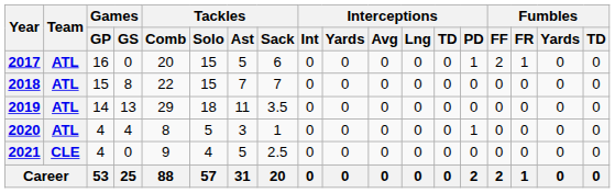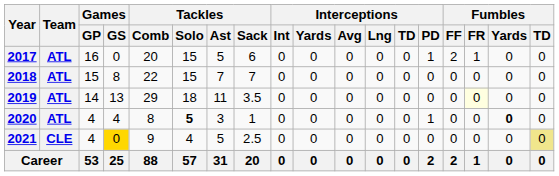 <table class="wikitable" style="text-align:center">
 <tr>
 <th rowspan="2">Year</th>
 <th rowspan="2">Team</th>
 <th colspan="2">Games</th>
 <th colspan="4">Tackles</th>
 <th colspan="6">Interceptions</th>
 <th colspan="4">Fumbles</th>
 </tr>
 <tr>
 <th>GP</th>
 <th>GS</th>
 <th>Comb</th>
 <th>Solo</th>
 <th>Ast</th>
 <th>Sack</th>
 <th>Int</th>
 <th>Yards</th>
 <th>Avg</th>
 <th>Lng</th>
 <th>TD</th>
 <th>PD</th>
 <th>FF</th>
 <th>FR</th>
 <th>Yards</th>
 <th>TD</th>
 </tr>
 <tr>
 <th><a href='#'>2017</a></th>
 <th><a href='#'>ATL</a></th>
 <td>16</td>
 <td>0</td>
 <td>20</td>
 <td>15</td>
 <td>5</td>
 <td>6</td>
 <td>0</td>
 <td>0</td>
 <td>0</td>
 <td>0</td>
 <td>0</td>
 <td>1</td>
 <td>2</td>
 <td>1</td>
 <td>0</td>
 <td>0</td>
 </tr>
 <tr>
 <th><a href='#'>2018</a></th>
 <th><a href='#'>ATL</a></th>
 <td>15</td>
 <td>8</td>
 <td>22</td>
 <td>15</td>
 <td>7</td>
 <td>7</td>
 <td>0</td>
 <td>0</td>
 <td>0</td>
 <td>0</td>
 <td>0</td>
 <td>0</td>
 <td>0</td>
 <td>0</td>
 <td>0</td>
 <td>0</td>
 </tr>
 <tr>
 <th><a href='#'>2019</a></th>
 <th><a href='#'>ATL</a></th>
 <td>14</td>
 <td>13</td>
 <td>29</td>
 <td>18</td>
 <td>11</td>
 <td>3.5</td>
 <td>0</td>
 <td>0</td>
 <td>0</td>
 <td>0</td>
 <td>0</td>
 <td>0</td>
 <td>0</td>
-<td>0</td>
+<td style="background: lightyellow;">0</td>
 <td>0</td>
 <td>0</td>
 </tr>
 <tr>
 <th><a href='#'>2020</a></th>
 <th><a href='#'>ATL</a></th>
 <td>4</td>
 <td>4</td>
 <td>8</td>
-<td>5</td>
+<td><strong>5</strong></td>
 <td>3</td>
 <td>1</td>
 <td>0</td>
 <td>0</td>
 <td>0</td>
 <td>0</td>
 <td>0</td>
 <td>1</td>
 <td>0</td>
 <td>0</td>
-<td>0</td>
+<td><strong>0</strong></td>
 <td>0</td>
 </tr>
 <tr>
 <th><a href='#'>2021</a></th>
 <th><a href='#'>CLE</a></th>
 <td>4</td>
-<td>0</td>
+<td style="background: gold;">0</td>
 <td>9</td>
 <td>4</td>
 <td>5</td>
 <td>2.5</td>
 <td>0</td>
 <td>0</td>
 <td>0</td>
 <td>0</td>
 <td>0</td>
 <td>0</td>
 <td>0</td>
 <td>0</td>
 <td>0</td>
-<td>0</td>
+<td style="background: khaki;">0</td>
 </tr>
 <tr>
 <th colspan="2">Career</th>
 <th>53</th>
 <th>25</th>
 <th>88</th>
 <th>57</th>
 <th>31</th>
 <th>20</th>
 <th>0</th>
 <th>0</th>
 <th>0</th>
 <th>0</th>
 <th>0</th>
 <th>2</th>
 <th>2</th>
 <th>1</th>
 <th>0</th>
 <th>0</th>
 </tr>
 </table>
